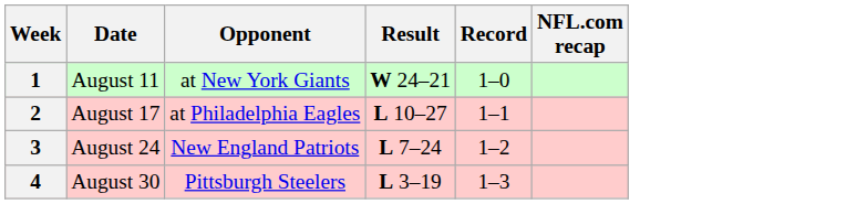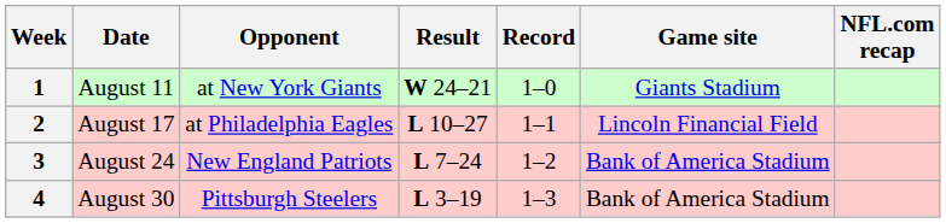 <table class="wikitable" style="text-align:center">
 <tr>
 <th>Week</th>
 <th>Date</th>
 <th>Opponent</th>
 <th>Result</th>
 <th>Record</th>
+<th>Game site</th>
 <th>NFL.com<br>recap</th>
 </tr>
 <tr style="text-align:center; background:#cfc;">
 <th>1</th>
 <td>August 11</td>
 <td>at <a href='#'>New York Giants</a></td>
 <td><strong>W</strong> 24–21</td>
 <td>1–0</td>
+<td><a href='#'>Giants Stadium</a></td>
 <td></td>
 </tr>
 <tr style="text-align:center; background:#fcc;">
 <th>2</th>
 <td>August 17</td>
 <td>at <a href='#'>Philadelphia Eagles</a></td>
 <td><strong>L</strong> 10–27</td>
 <td>1–1</td>
+<td><a href='#'>Lincoln Financial Field</a></td>
 <td></td>
 </tr>
 <tr style="text-align:center; background:#fcc;">
 <th>3</th>
 <td>August 24</td>
 <td><a href='#'>New England Patriots</a></td>
 <td><strong>L</strong> 7–24</td>
 <td>1–2</td>
+<td><a href='#'>Bank of America Stadium</a></td>
 <td></td>
 </tr>
 <tr style="text-align:center; background:#fcc;">
 <th>4</th>
 <td>August 30</td>
 <td><a href='#'>Pittsburgh Steelers</a></td>
 <td><strong>L</strong> 3–19</td>
 <td>1–3</td>
+<td>Bank of America Stadium</td>
 <td></td>
 </tr>
 </table>
